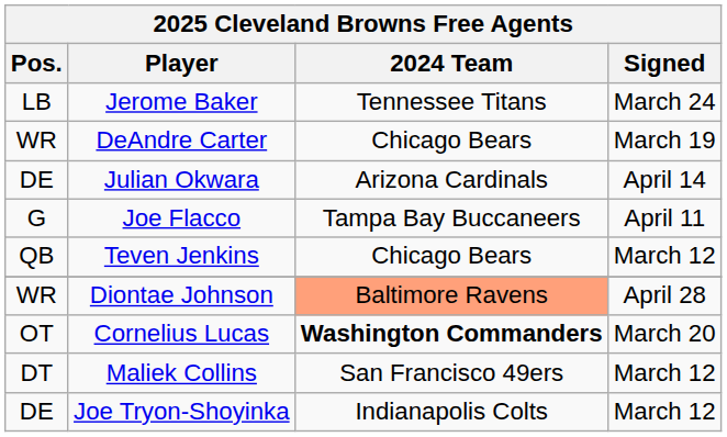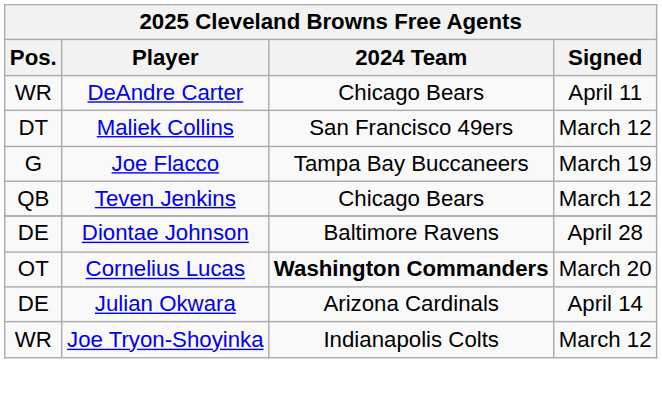 <table class="wikitable" style="text-align:center">
 <tr>
 <th colspan=4>2025 Cleveland Browns Free Agents</th>
 </tr>
 <tr>
 <th>Pos.</th>
 <th>Player</th>
 <th>2024 Team</th>
 <th>Signed</th>
 </tr>
 <tr>
-<td>LB</td>
-<td><a href='#'>Jerome Baker</a></td>
-<td>Tennessee Titans</td>
-<td>March 24</td>
-</tr>
-<tr>
 <td>WR</td>
 <td><a href='#'>DeAndre Carter</a></td>
 <td>Chicago Bears</td>
-<td>March 19</td>
+<td>April 11</td>
 </tr>
 <tr>
-<td>DE</td>
-<td><a href='#'>Julian Okwara</a></td>
-<td>Arizona Cardinals</td>
-<td>April 14</td>
+<td>DT</td>
+<td><a href='#'>Maliek Collins</a></td>
+<td>San Francisco 49ers</td>
+<td>March 12</td>
 </tr>
 <tr>
 <td>G</td>
 <td><a href='#'>Joe Flacco</a></td>
 <td>Tampa Bay Buccaneers</td>
-<td>April 11</td>
+<td>March 19</td>
 </tr>
 <tr>
 <td>QB</td>
 <td><a href='#'>Teven Jenkins</a></td>
 <td>Chicago Bears</td>
 <td>March 12</td>
 </tr>
 <tr>
 </tr>
 <tr>
-<td>WR</td>
+<td>DE</td>
 <td><a href='#'>Diontae Johnson</a></td>
-<td style="background: lightsalmon;">Baltimore Ravens</td>
+<td>Baltimore Ravens</td>
 <td>April 28</td>
 </tr>
 <tr>
 <td>OT</td>
 <td><a href='#'>Cornelius Lucas</a></td>
 <td><strong>Washington Commanders</strong></td>
 <td>March 20</td>
 </tr>
 <tr>
-<td>DT</td>
-<td><a href='#'>Maliek Collins</a></td>
-<td>San Francisco 49ers</td>
-<td>March 12</td>
+<td>DE</td>
+<td><a href='#'>Julian Okwara</a></td>
+<td>Arizona Cardinals</td>
+<td>April 14</td>
 </tr>
 <tr>
-<td>DE</td>
+<td>WR</td>
 <td><a href='#'>Joe Tryon-Shoyinka</a></td>
 <td>Indianapolis Colts</td>
 <td>March 12</td>
 </tr>
 </table>
